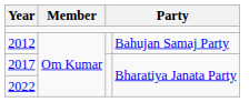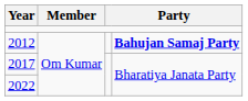 <table class="wikitable">
 <tr>
 <th>Year</th>
 <th>Member</th>
 <th colspan="2">Party</th>
 </tr>
 <tr>
 <td colspan="4"></td>
 </tr>
 <tr>
 <td><a href='#'>2012</a></td>
 <td rowspan="3"><a href='#'>Om Kumar</a></td>
 <td style="background-color: "></td>
-<td><a href='#'>Bahujan Samaj Party</a></td>
+<td><strong><a href='#'>Bahujan Samaj Party</a></strong></td>
 </tr>
 <tr>
 <td><a href='#'>2017</a></td>
 <td rowspan="2" style="background-color: "></td>
 <td rowspan="2"><a href='#'>Bharatiya Janata Party</a></td>
 </tr>
 <tr>
 <td><a href='#'>2022</a></td>
 </tr>
 </table>
